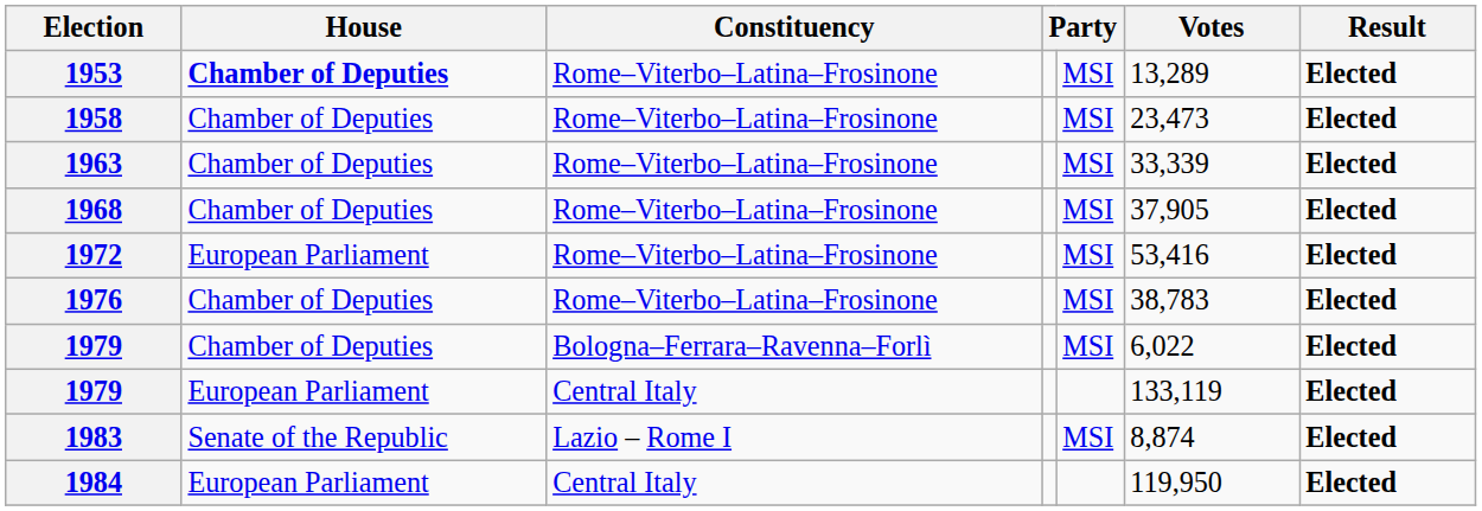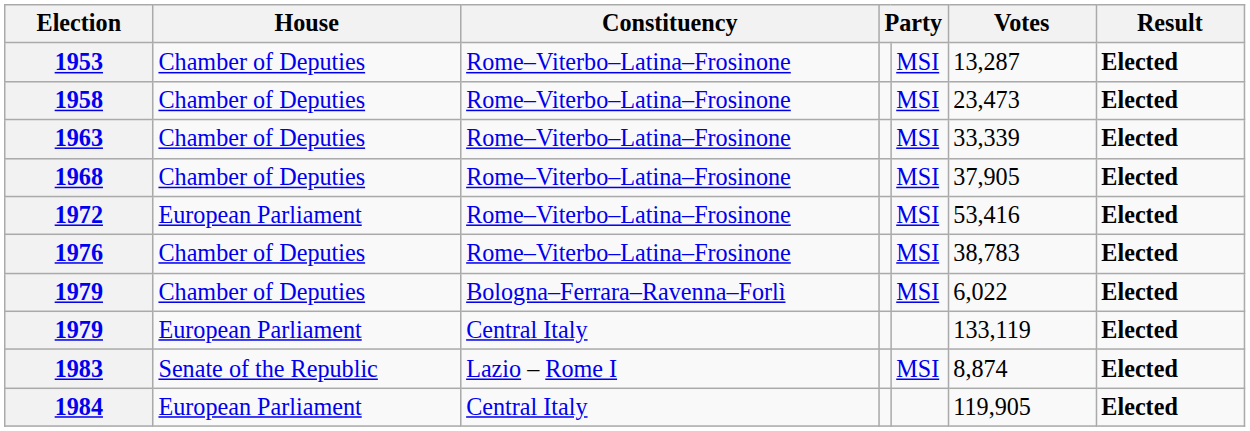 <table class=wikitable style="width:65%; border:1px #AAAAFF solid">
 <tr>
 <th width=12%>Election</th>
 <th width=25%>House</th>
 <th width=34%>Constituency</th>
 <th width=5% colspan="2">Party</th>
 <th width=12%>Votes</th>
 <th width=12%>Result</th>
 </tr>
 <tr>
 <th><a href='#'>1953</a></th>
-<td><strong><a href='#'>Chamber of Deputies</a></strong></td>
+<td><a href='#'>Chamber of Deputies</a></td>
 <td><a href='#'>Rome–Viterbo–Latina–Frosinone</a></td>
 <td></td>
 <td><a href='#'>MSI</a></td>
-<td>13,289</td>
+<td>13,287</td>
 <td> <strong>Elected</strong></td>
 </tr>
 <tr>
 <th><a href='#'>1958</a></th>
 <td><a href='#'>Chamber of Deputies</a></td>
 <td><a href='#'>Rome–Viterbo–Latina–Frosinone</a></td>
 <td></td>
 <td><a href='#'>MSI</a></td>
 <td>23,473</td>
 <td> <strong>Elected</strong></td>
 </tr>
 <tr>
 <th><a href='#'>1963</a></th>
 <td><a href='#'>Chamber of Deputies</a></td>
 <td><a href='#'>Rome–Viterbo–Latina–Frosinone</a></td>
 <td></td>
 <td><a href='#'>MSI</a></td>
 <td>33,339</td>
 <td> <strong>Elected</strong></td>
 </tr>
 <tr>
 <th><a href='#'>1968</a></th>
 <td><a href='#'>Chamber of Deputies</a></td>
 <td><a href='#'>Rome–Viterbo–Latina–Frosinone</a></td>
 <td></td>
 <td><a href='#'>MSI</a></td>
 <td>37,905</td>
 <td> <strong>Elected</strong></td>
 </tr>
 <tr>
 <th><a href='#'>1972</a></th>
 <td><a href='#'>European Parliament</a></td>
 <td><a href='#'>Rome–Viterbo–Latina–Frosinone</a></td>
 <td></td>
 <td><a href='#'>MSI</a></td>
 <td>53,416</td>
 <td> <strong>Elected</strong></td>
 </tr>
 <tr>
 <th><a href='#'>1976</a></th>
 <td><a href='#'>Chamber of Deputies</a></td>
 <td><a href='#'>Rome–Viterbo–Latina–Frosinone</a></td>
 <td></td>
 <td><a href='#'>MSI</a></td>
 <td>38,783</td>
 <td> <strong>Elected</strong></td>
 </tr>
 <tr>
 <th><a href='#'>1979</a></th>
 <td><a href='#'>Chamber of Deputies</a></td>
 <td><a href='#'>Bologna–Ferrara–Ravenna–Forlì</a></td>
 <td></td>
 <td><a href='#'>MSI</a></td>
 <td>6,022</td>
 <td> <strong>Elected</strong></td>
 </tr>
 <tr>
 <th><a href='#'>1979</a></th>
 <td><a href='#'>European Parliament</a></td>
 <td><a href='#'>Central Italy</a></td>
 <td></td>
 <td></td>
 <td>133,119</td>
 <td> <strong>Elected</strong></td>
 </tr>
 <tr>
 <th><a href='#'>1983</a></th>
 <td><a href='#'>Senate of the Republic</a></td>
 <td><a href='#'>Lazio</a> – <a href='#'>Rome I</a></td>
 <td></td>
 <td><a href='#'>MSI</a></td>
 <td>8,874</td>
 <td> <strong>Elected</strong></td>
 </tr>
 <tr>
 <th><a href='#'>1984</a></th>
 <td><a href='#'>European Parliament</a></td>
 <td><a href='#'>Central Italy</a></td>
 <td></td>
 <td></td>
-<td>119,950</td>
+<td>119,905</td>
 <td> <strong>Elected</strong></td>
 </tr>
 </table>
